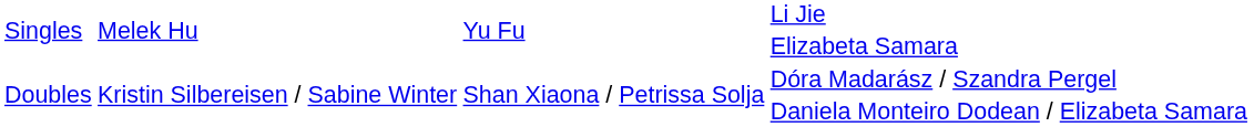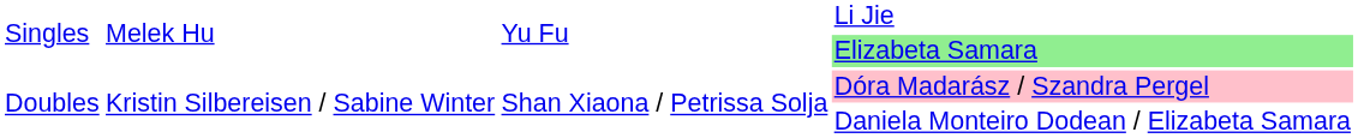 <table>
 <tr>
 <td rowspan=2><a href='#'>Singles</a></td>
 <td rowspan=2><a href='#'>Melek Hu</a><br></td>
 <td rowspan=2><a href='#'>Yu Fu</a><br></td>
 <td><a href='#'>Li Jie</a><br></td>
 </tr>
 <tr>
-<td><a href='#'>Elizabeta Samara</a><br></td>
+<td style="background: lightgreen;"><a href='#'>Elizabeta Samara</a><br></td>
 </tr>
 <tr>
 <td rowspan=2><a href='#'>Doubles</a></td>
 <td rowspan=2><a href='#'>Kristin Silbereisen</a> / <a href='#'>Sabine Winter</a><br></td>
 <td rowspan=2><a href='#'>Shan Xiaona</a> / <a href='#'>Petrissa Solja</a><br></td>
-<td><a href='#'>Dóra Madarász</a> / <a href='#'>Szandra Pergel</a><br></td>
+<td style="background: pink;"><a href='#'>Dóra Madarász</a> / <a href='#'>Szandra Pergel</a><br></td>
 </tr>
 <tr>
 <td><a href='#'>Daniela Monteiro Dodean</a> / <a href='#'>Elizabeta Samara</a><br></td>
 </tr>
 </table>
